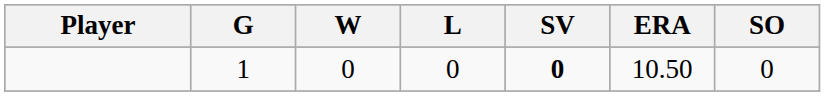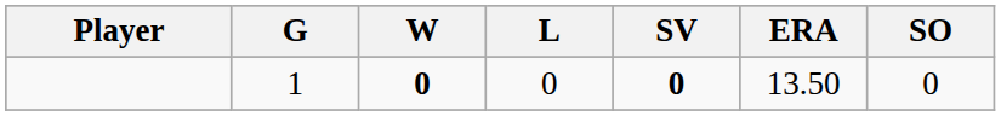 <table class="wikitable sortable">
 <tr>
 <th bgcolor="#DDDDFF" width="16%">Player</th>
 <th bgcolor="#DDDDFF" width="9%">G</th>
 <th bgcolor="#DDDDFF" width="9%">W</th>
 <th bgcolor="#DDDDFF" width="9%">L</th>
 <th bgcolor="#DDDDFF" width="9%">SV</th>
 <th bgcolor="#DDDDFF" width="9%">ERA</th>
 <th bgcolor="#DDDDFF" width="9%">SO</th>
 </tr>
 <tr align="center">
 <td></td>
 <td>1</td>
-<td>0</td>
+<td><strong>0</strong></td>
 <td>0</td>
 <td><strong>0</strong></td>
-<td>10.50</td>
+<td>13.50</td>
 <td>0</td>
 </tr>
 </table>
